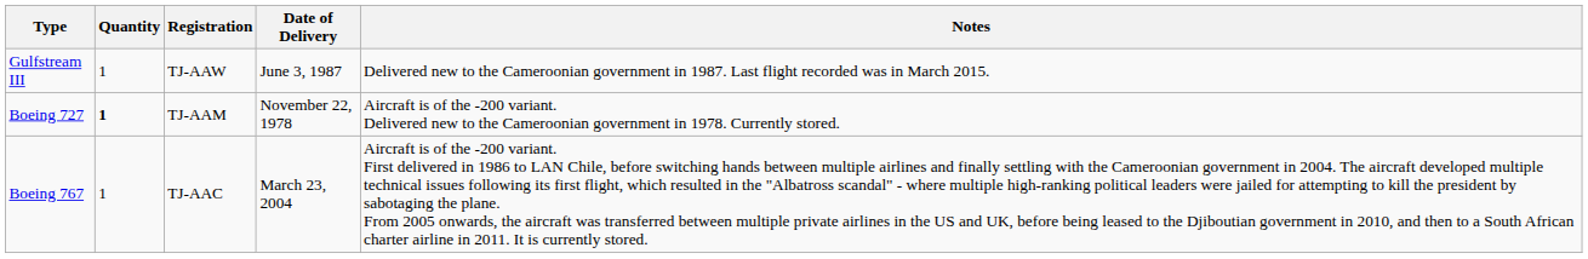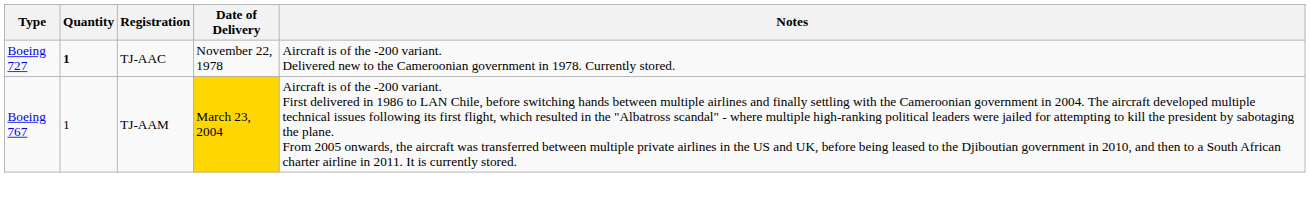 <table class="wikitable">
 <tr>
 <th>Type</th>
 <th>Quantity</th>
 <th>Registration</th>
 <th>Date of Delivery</th>
 <th>Notes</th>
 </tr>
 <tr>
-<td><a href='#'>Gulfstream III</a></td>
-<td>1</td>
-<td>TJ-AAW</td>
-<td>June 3, 1987</td>
-<td>Delivered new to the Cameroonian government in 1987. Last flight recorded was in March 2015.</td>
-</tr>
-<tr>
 <td><a href='#'>Boeing 727</a></td>
 <td><strong>1</strong></td>
-<td>TJ-AAM</td>
+<td>TJ-AAC</td>
 <td>November 22, 1978</td>
 <td>Aircraft is of the -200 variant.<br>Delivered new to the Cameroonian government in 1978. Currently stored.</td>
 </tr>
 <tr>
 <td><a href='#'>Boeing 767</a></td>
 <td>1</td>
-<td>TJ-AAC</td>
-<td>March 23, 2004</td>
+<td>TJ-AAM</td>
+<td style="background: gold;">March 23, 2004</td>
 <td>Aircraft is of the -200 variant.<br>First delivered in 1986 to LAN Chile, before switching hands between multiple airlines and finally settling with the Cameroonian government in 2004.  The aircraft developed multiple technical issues following its first flight, which resulted in the "Albatross scandal" - where multiple high-ranking political leaders were jailed for attempting to kill the president by sabotaging the plane.<br>From 2005 onwards, the aircraft was transferred between multiple private airlines in the US and UK, before being leased to the Djiboutian government in 2010, and then to a South African charter airline in 2011. It is currently stored.</td>
 </tr>
 </table>
